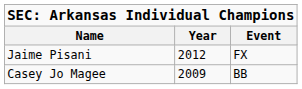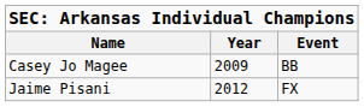 <table class="wikitable" style="margin: 1em auto 1em auto">
 <tr>
 <td colspan="3" align="center"><big><span><strong>SEC: Arkansas Individual Champions</strong></span></big></td>
 </tr>
 <tr align="center" valign="top">
 <th>Name</th>
 <th>Year</th>
 <th>Event</th>
 </tr>
 <tr>
+<td>Casey Jo Magee</td>
+<td>2009</td>
+<td>BB</td>
+</tr>
+<tr>
 <td>Jaime Pisani</td>
 <td>2012</td>
 <td>FX</td>
 </tr>
-<tr>
-<td>Casey Jo Magee</td>
-<td>2009</td>
-<td>BB</td>
-</tr>
 </table>
